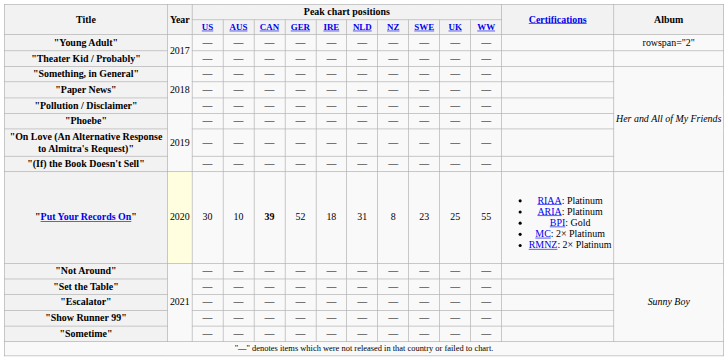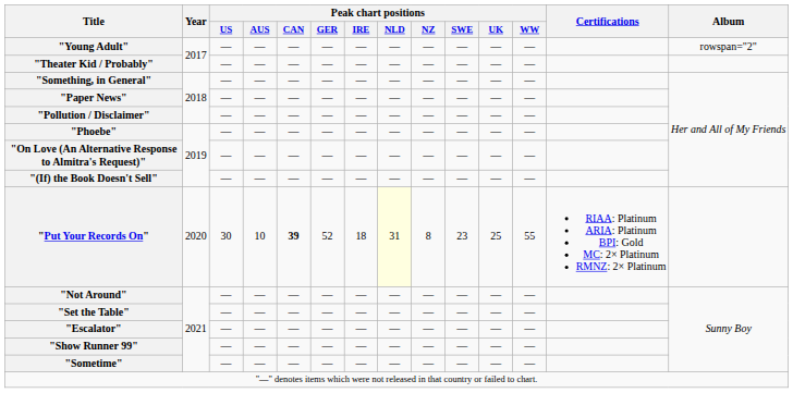 <table class="wikitable plainrowheaders" style="text-align:center;">
 <tr>
 <th scope="col" rowspan="2" style="width:16em;">Title</th>
 <th scope="col" rowspan="2" style="width:1em;">Year</th>
 <th colspan="10">Peak chart positions</th>
 <th scope="col" rowspan="2"><a href='#'>Certifications</a></th>
 <th scope="col" rowspan="2">Album</th>
 </tr>
 <tr>
 <th scope="col" style="width:3em;font-size:90%;"><a href='#'>US</a><br></th>
 <th scope="col" style="width:3em;font-size:90%;"><a href='#'>AUS</a><br></th>
 <th scope="col" style="width:3em;font-size:90%;"><a href='#'>CAN</a><br></th>
 <th scope="col" style="width:3em;font-size:90%;"><a href='#'>GER</a><br></th>
 <th scope="col" style="width:3em;font-size:90%;"><a href='#'>IRE</a><br></th>
 <th scope="col" style="width:3em;font-size:90%;"><a href='#'>NLD</a><br></th>
 <th scope="col" style="width:3em;font-size:90%;"><a href='#'>NZ</a><br></th>
 <th scope="col" style="width:3em;font-size:90%;"><a href='#'>SWE</a><br></th>
 <th scope="col" style="width:3em;font-size:90%;"><a href='#'>UK</a><br></th>
 <th scope="col" style="width:3em;font-size:90%;"><a href='#'>WW</a><br></th>
 </tr>
 <tr>
 <th scope="row">"Young Adult"</th>
 <td rowspan="2">2017</td>
 <td>—</td>
 <td>—</td>
 <td>—</td>
 <td>—</td>
 <td>—</td>
 <td>—</td>
 <td>—</td>
 <td>—</td>
 <td>—</td>
 <td>—</td>
 <td></td>
 <td>rowspan="2" </td>
 </tr>
 <tr>
 <th scope="row">"Theater Kid / Probably"</th>
 <td>—</td>
 <td>—</td>
 <td>—</td>
 <td>—</td>
 <td>—</td>
 <td>—</td>
 <td>—</td>
 <td>—</td>
 <td>—</td>
 <td>—</td>
 <td></td>
 </tr>
 <tr>
 <th scope="row">"Something, in General"</th>
 <td rowspan="3">2018</td>
 <td>—</td>
 <td>—</td>
 <td>—</td>
 <td>—</td>
 <td>—</td>
 <td>—</td>
 <td>—</td>
 <td>—</td>
 <td>—</td>
 <td>—</td>
 <td></td>
 <td rowspan="6"><em>Her and All of My Friends</em></td>
 </tr>
 <tr>
 <th scope="row">"Paper News"</th>
 <td>—</td>
 <td>—</td>
 <td>—</td>
 <td>—</td>
 <td>—</td>
 <td>—</td>
 <td>—</td>
 <td>—</td>
 <td>—</td>
 <td>—</td>
 <td></td>
 </tr>
 <tr>
 <th scope="row">"Pollution / Disclaimer"</th>
 <td>—</td>
 <td>—</td>
 <td>—</td>
 <td>—</td>
 <td>—</td>
 <td>—</td>
 <td>—</td>
 <td>—</td>
 <td>—</td>
 <td>—</td>
 <td></td>
 </tr>
 <tr>
 <th scope="row">"Phoebe"</th>
 <td rowspan="3">2019</td>
 <td>—</td>
 <td>—</td>
 <td>—</td>
 <td>—</td>
 <td>—</td>
 <td>—</td>
 <td>—</td>
 <td>—</td>
 <td>—</td>
 <td>—</td>
 <td></td>
 </tr>
 <tr>
 <th scope="row">"On Love (An Alternative Response to Almitra's Request)"</th>
 <td>—</td>
 <td>—</td>
 <td>—</td>
 <td>—</td>
 <td>—</td>
 <td>—</td>
 <td>—</td>
 <td>—</td>
 <td>—</td>
 <td>—</td>
 <td></td>
 </tr>
 <tr>
 <th scope="row">"(If) the Book Doesn't Sell"</th>
 <td>—</td>
 <td>—</td>
 <td>—</td>
 <td>—</td>
 <td>—</td>
 <td>—</td>
 <td>—</td>
 <td>—</td>
 <td>—</td>
 <td>—</td>
 <td></td>
 </tr>
 <tr>
 <th scope="row">"<a href='#'>Put Your Records On</a>"</th>
-<td style="background: lightyellow;">2020</td>
+<td>2020</td>
 <td>30</td>
 <td>10</td>
 <td><strong>39</strong></td>
 <td>52</td>
 <td>18</td>
-<td>31</td>
+<td style="background: lightyellow;">31</td>
 <td>8</td>
 <td>23</td>
 <td>25</td>
 <td>55</td>
 <td><br><ul><li><a href='#'>RIAA</a>: Platinum</li><li><a href='#'>ARIA</a>: Platinum</li><li><a href='#'>BPI</a>: Gold</li><li><a href='#'>MC</a>: 2× Platinum</li><li><a href='#'>RMNZ</a>: 2× Platinum</li></ul></td>
 <td></td>
 </tr>
 <tr>
 <th scope="row">"Not Around"</th>
 <td rowspan="5">2021</td>
 <td>—</td>
 <td>—</td>
 <td>—</td>
 <td>—</td>
 <td>—</td>
 <td>—</td>
 <td>—</td>
 <td>—</td>
 <td>—</td>
 <td>—</td>
 <td></td>
 <td rowspan="5"><em>Sunny Boy</em></td>
 </tr>
 <tr>
 <th scope="row">"Set the Table" <br></th>
 <td>—</td>
 <td>—</td>
 <td>—</td>
 <td>—</td>
 <td>—</td>
 <td>—</td>
 <td>—</td>
 <td>—</td>
 <td>—</td>
 <td>—</td>
 <td></td>
 </tr>
 <tr>
 <th scope="row">"Escalator"</th>
 <td>—</td>
 <td>—</td>
 <td>—</td>
 <td>—</td>
 <td>—</td>
 <td>—</td>
 <td>—</td>
 <td>—</td>
 <td>—</td>
 <td>—</td>
 <td></td>
 </tr>
 <tr>
 <th scope="row">"Show Runner 99"</th>
 <td>—</td>
 <td>—</td>
 <td>—</td>
 <td>—</td>
 <td>—</td>
 <td>—</td>
 <td>—</td>
 <td>—</td>
 <td>—</td>
 <td>—</td>
 <td></td>
 </tr>
 <tr>
 <th scope="row">"Sometime"<br></th>
 <td>—</td>
 <td>—</td>
 <td>—</td>
 <td>—</td>
 <td>—</td>
 <td>—</td>
 <td>—</td>
 <td>—</td>
 <td>—</td>
 <td>—</td>
 <td></td>
 </tr>
 <tr>
 <td colspan="14" style="font-size:85%;">"—" denotes items which were not released in that country or failed to chart.</td>
 </tr>
 </table>
